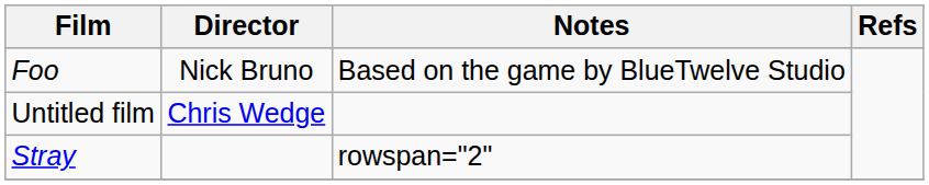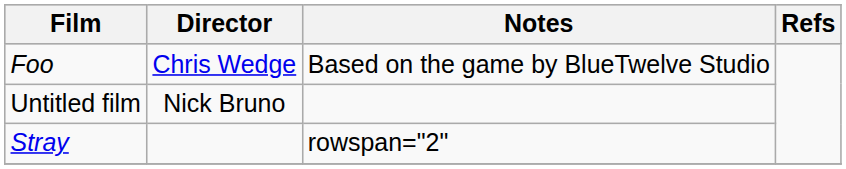 <table class="wikitable">
 <tr style="background:#ccc; text-align:center;">
 <th>Film</th>
 <th>Director</th>
 <th>Notes</th>
 <th>Refs</th>
 </tr>
 <tr>
 <td><em>Foo</em></td>
-<td style="text-align:center;">Nick Bruno</td>
+<td style="text-align:center;"><a href='#'>Chris Wedge</a></td>
 <td>Based on the game by BlueTwelve Studio</td>
 <td rowspan="3"></td>
 </tr>
 <tr>
 <td>Untitled film</td>
-<td style="text-align:center;"><a href='#'>Chris Wedge</a></td>
+<td style="text-align:center;">Nick Bruno</td>
 </tr>
 <tr>
 <td><em><a href='#'>Stray</a></em></td>
 <td></td>
 <td>rowspan="2" </td>
 </tr>
 <tr>
 </tr>
 </table>
